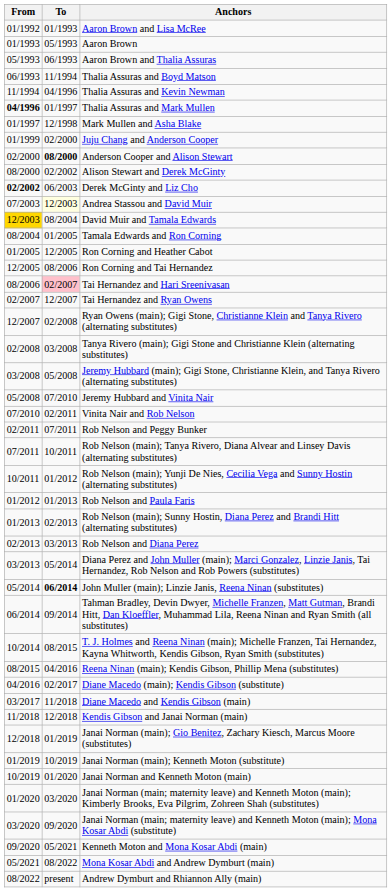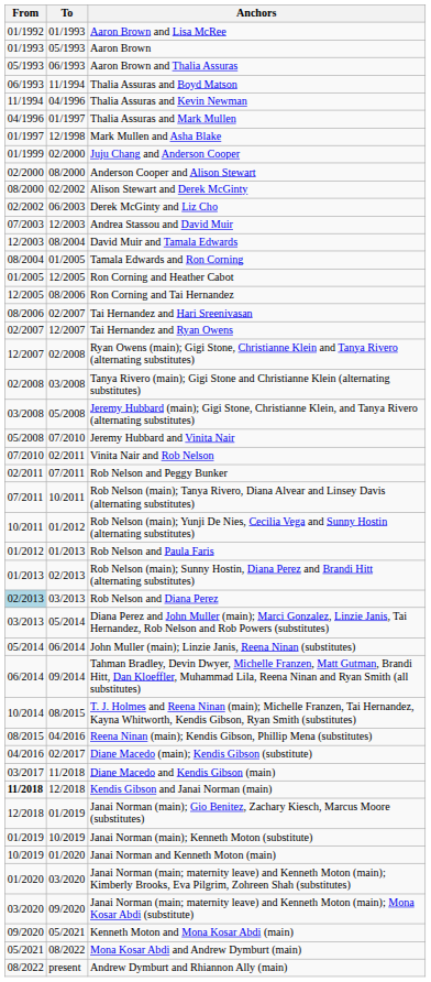 <table class="wikitable">
 <tr>
 <th>From</th>
 <th>To</th>
 <th>Anchors</th>
 </tr>
 <tr>
 <td>01/1992</td>
 <td>01/1993</td>
 <td><a href='#'>Aaron Brown</a> and <a href='#'>Lisa McRee</a></td>
 </tr>
 <tr>
 <td>01/1993</td>
 <td>05/1993</td>
 <td>Aaron Brown</td>
 </tr>
 <tr>
 <td>05/1993</td>
 <td>06/1993</td>
 <td>Aaron Brown and <a href='#'>Thalia Assuras</a></td>
 </tr>
 <tr>
 <td>06/1993</td>
 <td>11/1994</td>
 <td>Thalia Assuras and <a href='#'>Boyd Matson</a></td>
 </tr>
 <tr>
 <td>11/1994</td>
 <td>04/1996</td>
 <td>Thalia Assuras and <a href='#'>Kevin Newman</a></td>
 </tr>
 <tr>
-<td><strong>04/1996</strong></td>
+<td>04/1996</td>
 <td>01/1997</td>
 <td>Thalia Assuras and <a href='#'>Mark Mullen</a></td>
 </tr>
 <tr>
 <td>01/1997</td>
 <td>12/1998</td>
 <td>Mark Mullen and <a href='#'>Asha Blake</a></td>
 </tr>
 <tr>
 <td>01/1999</td>
 <td>02/2000</td>
 <td><a href='#'>Juju Chang</a> and <a href='#'>Anderson Cooper</a></td>
 </tr>
 <tr>
 <td>02/2000</td>
-<td><strong>08/2000</strong></td>
+<td>08/2000</td>
 <td>Anderson Cooper and <a href='#'>Alison Stewart</a></td>
 </tr>
 <tr>
 <td>08/2000</td>
 <td>02/2002</td>
 <td>Alison Stewart and <a href='#'>Derek McGinty</a></td>
 </tr>
 <tr>
-<td><strong>02/2002</strong></td>
+<td>02/2002</td>
 <td>06/2003</td>
 <td>Derek McGinty and <a href='#'>Liz Cho</a></td>
 </tr>
 <tr>
 <td>07/2003</td>
-<td style="background: lightyellow;">12/2003</td>
+<td>12/2003</td>
 <td>Andrea Stassou and <a href='#'>David Muir</a></td>
 </tr>
 <tr>
-<td style="background: gold;">12/2003</td>
+<td>12/2003</td>
 <td>08/2004</td>
 <td>David Muir and <a href='#'>Tamala Edwards</a></td>
 </tr>
 <tr>
 <td>08/2004</td>
 <td>01/2005</td>
 <td>Tamala Edwards and <a href='#'>Ron Corning</a></td>
 </tr>
 <tr>
 <td>01/2005</td>
 <td>12/2005</td>
 <td>Ron Corning and Heather Cabot</td>
 </tr>
 <tr>
 <td>12/2005</td>
 <td>08/2006</td>
 <td>Ron Corning and Tai Hernandez</td>
 </tr>
 <tr>
 <td>08/2006</td>
-<td style="background: pink;">02/2007</td>
+<td>02/2007</td>
 <td>Tai Hernandez and <a href='#'>Hari Sreenivasan</a></td>
 </tr>
 <tr>
 <td>02/2007</td>
 <td>12/2007</td>
 <td>Tai Hernandez and <a href='#'>Ryan Owens</a></td>
 </tr>
 <tr>
 <td>12/2007</td>
 <td>02/2008</td>
 <td>Ryan Owens (main); Gigi Stone, <a href='#'>Christianne Klein</a> and <a href='#'>Tanya Rivero</a> (alternating substitutes)</td>
 </tr>
 <tr>
 <td>02/2008</td>
 <td>03/2008</td>
 <td>Tanya Rivero (main); Gigi Stone and Christianne Klein (alternating substitutes)</td>
 </tr>
 <tr>
 <td>03/2008</td>
 <td>05/2008</td>
 <td><a href='#'>Jeremy Hubbard</a> (main); Gigi Stone, Christianne Klein, and Tanya Rivero (alternating substitutes)</td>
 </tr>
 <tr>
 <td>05/2008</td>
 <td>07/2010</td>
 <td>Jeremy Hubbard and <a href='#'>Vinita Nair</a></td>
 </tr>
 <tr>
 <td>07/2010</td>
 <td>02/2011</td>
 <td>Vinita Nair and <a href='#'>Rob Nelson</a></td>
 </tr>
 <tr>
 <td>02/2011</td>
 <td>07/2011</td>
 <td>Rob Nelson and Peggy Bunker</td>
 </tr>
 <tr>
 <td>07/2011</td>
 <td>10/2011</td>
 <td>Rob Nelson (main); Tanya Rivero, Diana Alvear and Linsey Davis (alternating substitutes)</td>
 </tr>
 <tr>
 <td>10/2011</td>
 <td>01/2012</td>
 <td>Rob Nelson (main); Yunji De Nies, <a href='#'>Cecilia Vega</a> and <a href='#'>Sunny Hostin</a> (alternating substitutes)</td>
 </tr>
 <tr>
 <td>01/2012</td>
 <td>01/2013</td>
 <td>Rob Nelson and <a href='#'>Paula Faris</a></td>
 </tr>
 <tr>
 <td>01/2013</td>
 <td>02/2013</td>
 <td>Rob Nelson (main); Sunny Hostin, <a href='#'>Diana Perez</a> and <a href='#'>Brandi Hitt</a> (alternating substitutes)</td>
 </tr>
 <tr>
-<td>02/2013</td>
+<td style="background: lightblue;">02/2013</td>
 <td>03/2013</td>
 <td>Rob Nelson and <a href='#'>Diana Perez</a></td>
 </tr>
 <tr>
 <td>03/2013</td>
 <td>05/2014</td>
 <td>Diana Perez and <a href='#'>John Muller</a> (main); <a href='#'>Marci Gonzalez</a>, <a href='#'>Linzie Janis</a>, Tai Hernandez, Rob Nelson and Rob Powers (substitutes)</td>
 </tr>
 <tr>
 <td>05/2014</td>
-<td><strong>06/2014</strong></td>
+<td>06/2014</td>
 <td>John Muller (main); Linzie Janis, <a href='#'>Reena Ninan</a> (substitutes)</td>
 </tr>
 <tr>
 <td>06/2014</td>
 <td>09/2014</td>
 <td>Tahman Bradley, Devin Dwyer, <a href='#'>Michelle Franzen</a>, <a href='#'>Matt Gutman</a>, Brandi Hitt, <a href='#'>Dan Kloeffler</a>, Muhammad Lila, Reena Ninan and Ryan Smith (all substitutes)</td>
 </tr>
 <tr>
 <td>10/2014</td>
 <td>08/2015</td>
 <td><a href='#'>T. J. Holmes</a> and <a href='#'>Reena Ninan</a> (main); Michelle Franzen, Tai Hernandez, Kayna Whitworth, Kendis Gibson, Ryan Smith (substitutes)</td>
 </tr>
 <tr>
 <td>08/2015</td>
 <td>04/2016</td>
 <td><a href='#'>Reena Ninan</a> (main); Kendis Gibson, Phillip Mena (substitutes)</td>
 </tr>
 <tr>
 <td>04/2016</td>
 <td>02/2017</td>
 <td><a href='#'>Diane Macedo</a> (main); <a href='#'>Kendis Gibson</a> (substitute)</td>
 </tr>
 <tr>
 <td>03/2017</td>
 <td>11/2018</td>
 <td><a href='#'>Diane Macedo</a> and <a href='#'>Kendis Gibson</a> (main)</td>
 </tr>
 <tr>
-<td>11/2018</td>
+<td><strong>11/2018</strong></td>
 <td>12/2018</td>
 <td><a href='#'>Kendis Gibson</a> and Janai Norman (main)</td>
 </tr>
 <tr>
 <td>12/2018</td>
 <td>01/2019</td>
 <td>Janai Norman (main); <a href='#'>Gio Benitez</a>, Zachary Kiesch, Marcus Moore (substitutes)</td>
 </tr>
 <tr>
 <td>01/2019</td>
 <td>10/2019</td>
 <td>Janai Norman (main); Kenneth Moton (substitute)</td>
 </tr>
 <tr>
 <td>10/2019</td>
 <td>01/2020</td>
 <td>Janai Norman and Kenneth Moton (main)</td>
 </tr>
 <tr>
 <td>01/2020</td>
 <td>03/2020</td>
 <td>Janai Norman (main; maternity leave) and Kenneth Moton (main); Kimberly Brooks, Eva Pilgrim, Zohreen Shah (substitutes)</td>
 </tr>
 <tr>
 <td>03/2020</td>
 <td>09/2020</td>
 <td>Janai Norman (main; maternity leave) and Kenneth Moton (main); <a href='#'>Mona Kosar Abdi</a> (substitute)</td>
 </tr>
 <tr>
 <td>09/2020</td>
 <td>05/2021</td>
 <td>Kenneth Moton and <a href='#'>Mona Kosar Abdi</a> (main)</td>
 </tr>
 <tr>
 <td>05/2021</td>
 <td>08/2022</td>
 <td><a href='#'>Mona Kosar Abdi</a> and Andrew Dymburt (main)</td>
 </tr>
 <tr>
 <td>08/2022</td>
 <td>present</td>
 <td>Andrew Dymburt and Rhiannon Ally (main)</td>
 </tr>
 </table>
